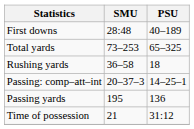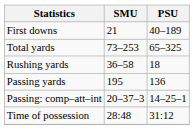 <table class="wikitable" style="float: left;">
 <tr>
 <th>Statistics</th>
 <th>SMU</th>
 <th>PSU</th>
 </tr>
 <tr>
 <td>First downs</td>
-<td>28:48</td>
+<td>21</td>
 <td>40–189</td>
 </tr>
 <tr>
 <td>Total yards</td>
 <td>73–253</td>
 <td>65–325</td>
 </tr>
 <tr>
 <td>Rushing yards</td>
 <td>36–58</td>
 <td>18</td>
 </tr>
 <tr>
+<td>Passing yards</td>
+<td>195</td>
+<td>136</td>
+</tr>
+<tr>
 <td>Passing: comp–att–int</td>
 <td>20–37–3</td>
 <td>14–25–1</td>
 </tr>
 <tr>
-<td>Passing yards</td>
-<td>195</td>
-<td>136</td>
-</tr>
-<tr>
 <td>Time of possession</td>
-<td>21</td>
+<td>28:48</td>
 <td>31:12</td>
 </tr>
 <tr>
 </tr>
 </table>
